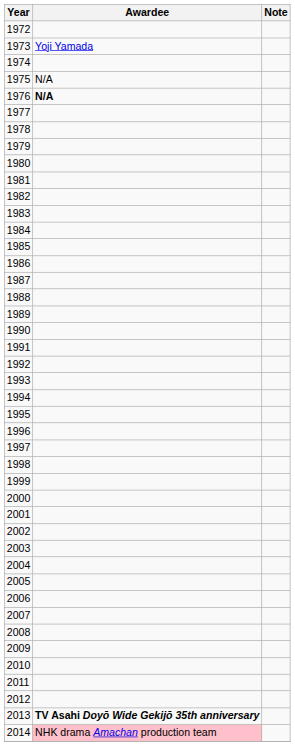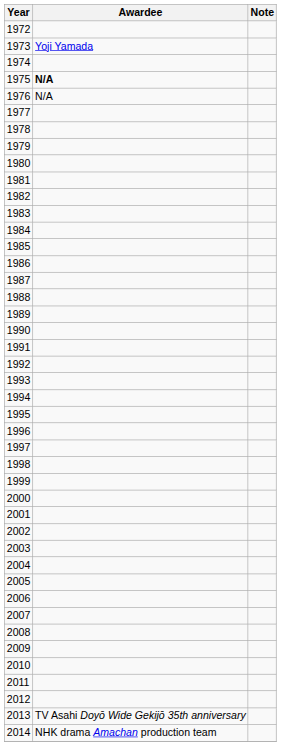 <table class="wikitable">
 <tr>
 <th>Year</th>
 <th>Awardee</th>
 <th>Note</th>
 </tr>
 <tr>
 <td>1972</td>
 <td></td>
 <td></td>
 </tr>
 <tr>
 <td>1973</td>
 <td><a href='#'>Yoji Yamada</a></td>
 <td></td>
 </tr>
 <tr>
 <td>1974</td>
 <td></td>
 <td></td>
 </tr>
 <tr>
 <td>1975</td>
-<td>N/A</td>
+<td><strong>N/A</strong></td>
 <td></td>
 </tr>
 <tr>
 <td>1976</td>
-<td><strong>N/A</strong></td>
+<td>N/A</td>
 <td></td>
 </tr>
 <tr>
 <td>1977</td>
 <td></td>
 <td></td>
 </tr>
 <tr>
 <td>1978</td>
 <td></td>
 <td></td>
 </tr>
 <tr>
 <td>1979</td>
 <td></td>
 <td></td>
 </tr>
 <tr>
 <td>1980</td>
 <td></td>
 <td></td>
 </tr>
 <tr>
 <td>1981</td>
 <td></td>
 <td></td>
 </tr>
 <tr>
 <td>1982</td>
 <td></td>
 <td></td>
 </tr>
 <tr>
 <td>1983</td>
 <td></td>
 <td></td>
 </tr>
 <tr>
 <td>1984</td>
 <td></td>
 <td></td>
 </tr>
 <tr>
 <td>1985</td>
 <td></td>
 <td></td>
 </tr>
 <tr>
 <td>1986</td>
 <td></td>
 <td></td>
 </tr>
 <tr>
 <td>1987</td>
 <td></td>
 <td></td>
 </tr>
 <tr>
 <td>1988</td>
 <td></td>
 <td></td>
 </tr>
 <tr>
 <td>1989</td>
 <td></td>
 <td></td>
 </tr>
 <tr>
 <td>1990</td>
 <td></td>
 <td></td>
 </tr>
 <tr>
 <td>1991</td>
 <td></td>
 <td></td>
 </tr>
 <tr>
 <td>1992</td>
 <td></td>
 <td></td>
 </tr>
 <tr>
 <td>1993</td>
 <td></td>
 <td></td>
 </tr>
 <tr>
 <td>1994</td>
 <td></td>
 <td></td>
 </tr>
 <tr>
 <td>1995</td>
 <td></td>
 <td></td>
 </tr>
 <tr>
 <td>1996</td>
 <td></td>
 <td></td>
 </tr>
 <tr>
 <td>1997</td>
 <td></td>
 <td></td>
 </tr>
 <tr>
 <td>1998</td>
 <td></td>
 <td></td>
 </tr>
 <tr>
 <td>1999</td>
 <td></td>
 <td></td>
 </tr>
 <tr>
 <td>2000</td>
 <td></td>
 <td></td>
 </tr>
 <tr>
 <td>2001</td>
 <td></td>
 <td></td>
 </tr>
 <tr>
 <td>2002</td>
 <td></td>
 <td></td>
 </tr>
 <tr>
 <td>2003</td>
 <td></td>
 <td></td>
 </tr>
 <tr>
 <td>2004</td>
 <td></td>
 <td></td>
 </tr>
 <tr>
 <td>2005</td>
 <td></td>
 <td></td>
 </tr>
 <tr>
 <td>2006</td>
 <td></td>
 <td></td>
 </tr>
 <tr>
 <td>2007</td>
 <td></td>
 <td></td>
 </tr>
 <tr>
 <td>2008</td>
 <td></td>
 <td></td>
 </tr>
 <tr>
 <td>2009</td>
 <td></td>
 <td></td>
 </tr>
 <tr>
 <td>2010</td>
 <td></td>
 <td></td>
 </tr>
 <tr>
 <td>2011</td>
 <td></td>
 <td></td>
 </tr>
 <tr>
 <td>2012</td>
 <td></td>
 <td></td>
 </tr>
 <tr>
 <td>2013</td>
-<td><strong>TV Asahi <em>Doyō Wide Gekijō 35th anniversary</em></strong></td>
+<td>TV Asahi <em>Doyō Wide Gekijō 35th anniversary</em></td>
 <td></td>
 </tr>
 <tr>
 <td>2014</td>
-<td style="background: pink;">NHK drama <em><a href='#'>Amachan</a></em> production team</td>
+<td>NHK drama <em><a href='#'>Amachan</a></em> production team</td>
 <td></td>
 </tr>
 <tr>
 </tr>
 </table>
